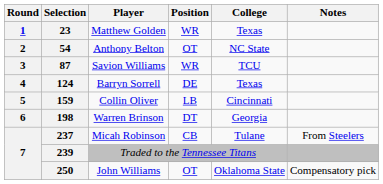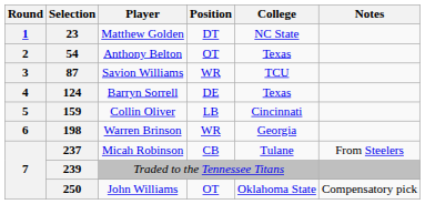 <table class="wikitable" style="text-align:center">
 <tr>
 <th>Round</th>
 <th>Selection</th>
 <th>Player</th>
 <th>Position</th>
 <th>College</th>
 <th>Notes</th>
 </tr>
 <tr>
 <th><a href='#'>1</a></th>
 <th>23</th>
 <td><a href='#'>Matthew Golden</a></td>
-<td><a href='#'>WR</a></td>
-<td><a href='#'>Texas</a></td>
+<td><a href='#'>DT</a></td>
+<td><a href='#'>NC State</a></td>
 <td></td>
 </tr>
 <tr>
 <th>2</th>
 <th>54</th>
 <td><a href='#'>Anthony Belton</a></td>
 <td><a href='#'>OT</a></td>
-<td><a href='#'>NC State</a></td>
+<td><a href='#'>Texas</a></td>
 <td></td>
 </tr>
 <tr>
 <th>3</th>
 <th>87</th>
 <td><a href='#'>Savion Williams</a></td>
 <td><a href='#'>WR</a></td>
 <td><a href='#'>TCU</a></td>
 <td></td>
 </tr>
 <tr>
 <th>4</th>
 <th>124</th>
 <td><a href='#'>Barryn Sorrell</a></td>
 <td><a href='#'>DE</a></td>
 <td><a href='#'>Texas</a></td>
 <td></td>
 </tr>
 <tr>
 <th>5</th>
 <th>159</th>
 <td><a href='#'>Collin Oliver</a></td>
 <td><a href='#'>LB</a></td>
 <td><a href='#'>Cincinnati</a></td>
 <td></td>
 </tr>
 <tr>
 <th>6</th>
 <th>198</th>
 <td><a href='#'>Warren Brinson</a></td>
-<td><a href='#'>DT</a></td>
+<td><a href='#'>WR</a></td>
 <td><a href='#'>Georgia</a></td>
 <td></td>
 </tr>
 <tr>
 <th rowspan="3">7</th>
 <th>237</th>
 <td><a href='#'>Micah Robinson</a></td>
 <td><a href='#'>CB</a></td>
 <td><a href='#'>Tulane</a></td>
 <td>From <a href='#'>Steelers</a></td>
 </tr>
 <tr>
 <th>239</th>
 <td colspan="3" style="background:#BFBFBF"><em>Traded to the <a href='#'>Tennessee Titans</a></em></td>
 <td style="background:#BFBFBF"></td>
 </tr>
 <tr>
 <th>250</th>
 <td><a href='#'>John Williams</a></td>
 <td><a href='#'>OT</a></td>
 <td><a href='#'>Oklahoma State</a></td>
 <td>Compensatory pick</td>
 </tr>
 </table>
